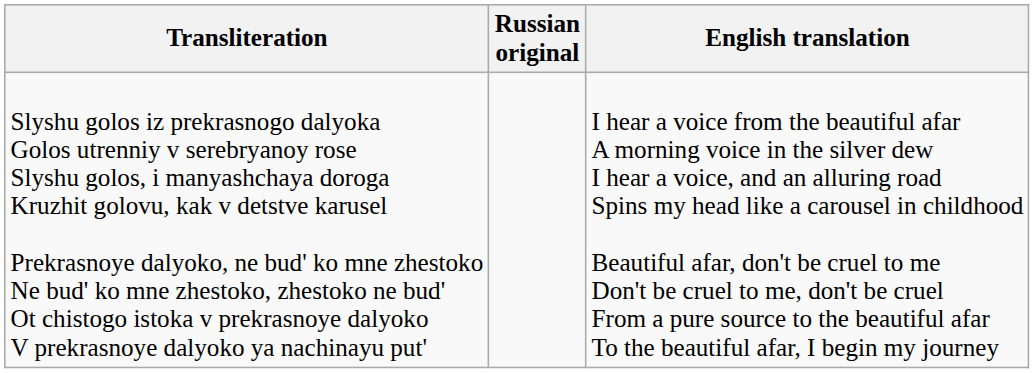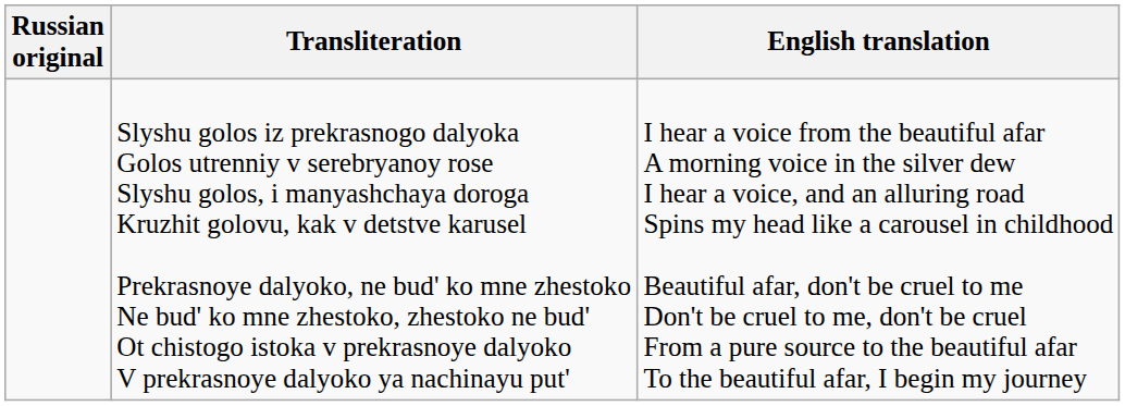 <table class="wikitable">
 <tr>
+<th>Russian original</th>
 <th>Transliteration</th>
-<th>Russian original</th>
 <th>English translation</th>
 </tr>
 <tr style="white-space:nowrap;">
+<td></td>
 <td><br>Slyshu golos iz prekrasnogo dalyoka<br> Golos utrenniy v serebryanoy rose<br> Slyshu golos, i manyashchaya doroga<br> Kruzhit golovu, kak v detstve karusel<br><br>Prekrasnoye dalyoko, ne bud' ko mne zhestoko<br> Ne bud' ko mne zhestoko, zhestoko ne bud'<br> Ot chistogo istoka v prekrasnoye dalyoko<br> V prekrasnoye dalyoko ya nachinayu put'<br></td>
-<td></td>
 <td><br>I hear a voice from the beautiful afar<br> A morning voice in the silver dew<br> I hear a voice, and an alluring road<br> Spins my head like a carousel in childhood<br><br>Beautiful afar, don't be cruel to me<br> Don't be cruel to me, don't be cruel<br> From a pure source to the beautiful afar<br> To the beautiful afar, I begin my journey<br></td>
 </tr>
 </table>
